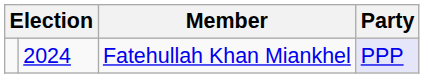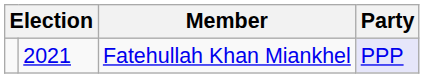 <table class="wikitable">
 <tr>
 <th colspan="2">Election</th>
 <th>Member</th>
 <th>Party</th>
 </tr>
 <tr>
 <td style="background-color: "></td>
-<td><a href='#'>2024</a></td>
+<td><a href='#'>2021</a></td>
 <td><a href='#'>Fatehullah Khan Miankhel</a></td>
 <td style="background: lavender;"><a href='#'>PPP</a></td>
 </tr>
 </table>
